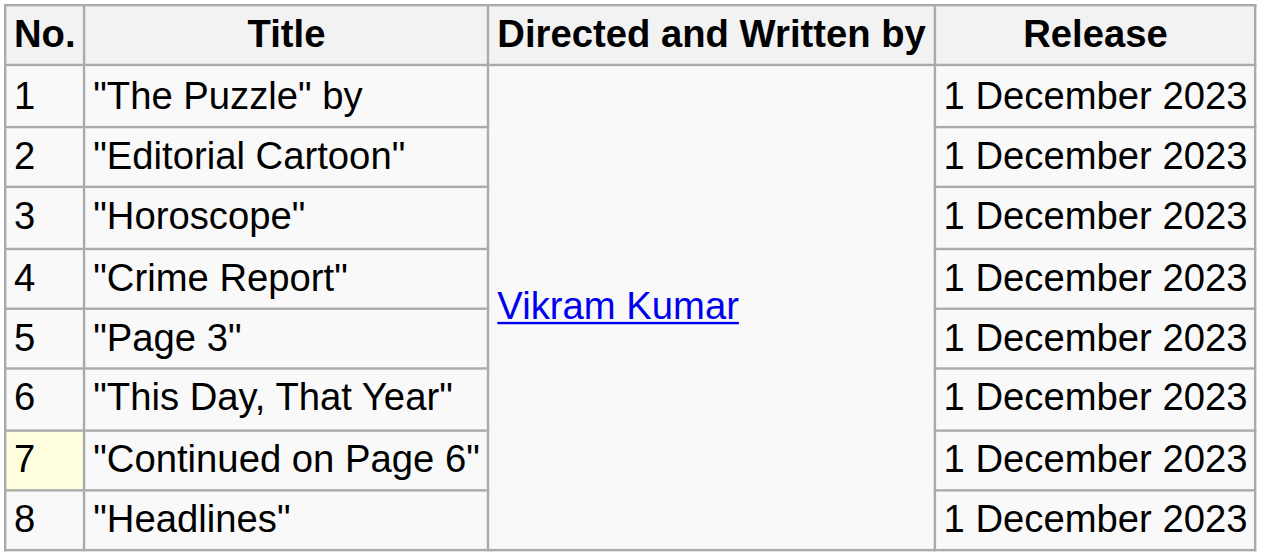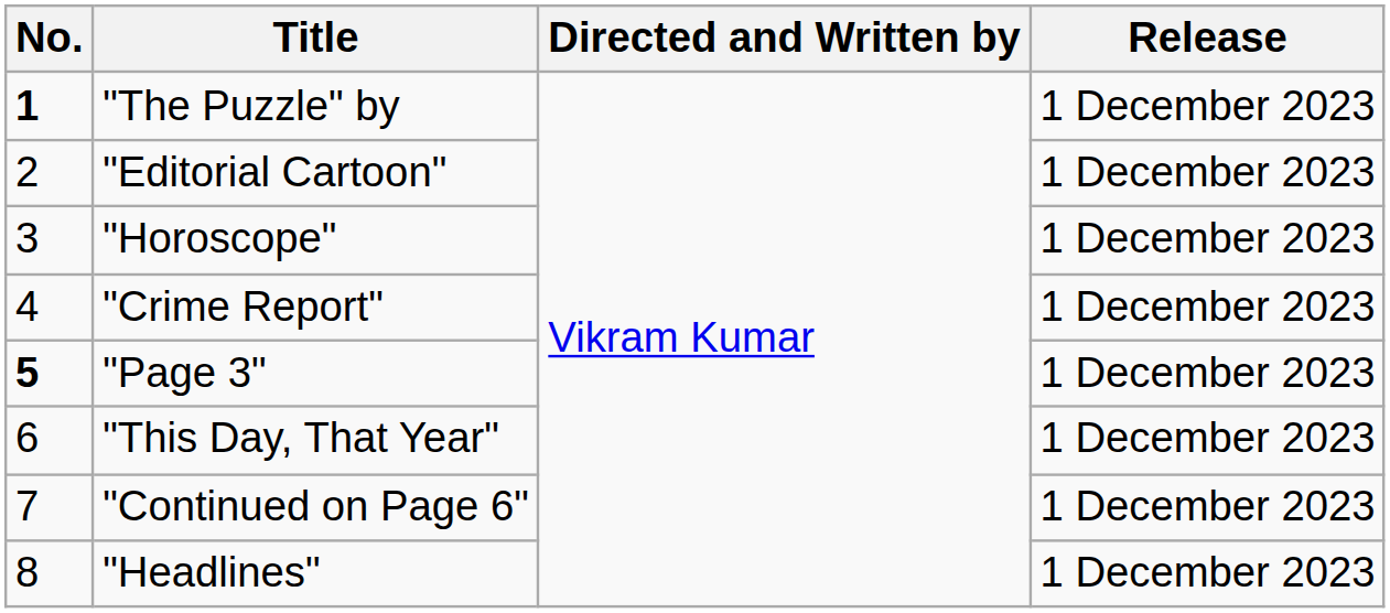 <table class="wikitable">
 <tr>
 <th>No.</th>
 <th>Title</th>
 <th>Directed and Written by</th>
 <th>Release</th>
 </tr>
 <tr>
-<td>1</td>
+<td><strong>1</strong></td>
 <td>"The Puzzle" by</td>
 <td rowspan="8"><a href='#'>Vikram Kumar</a></td>
 <td>1 December 2023</td>
 </tr>
 <tr>
 <td>2</td>
 <td>"Editorial Cartoon"</td>
 <td>1 December 2023</td>
 </tr>
 <tr>
 <td>3</td>
 <td>"Horoscope"</td>
 <td>1 December 2023</td>
 </tr>
 <tr>
 <td>4</td>
 <td>"Crime Report"</td>
 <td>1 December 2023</td>
 </tr>
 <tr>
-<td>5</td>
+<td><strong>5</strong></td>
 <td>"Page 3"</td>
 <td>1 December 2023</td>
 </tr>
 <tr>
 <td>6</td>
 <td>"This Day, That Year"</td>
 <td>1 December 2023</td>
 </tr>
 <tr>
-<td style="background: lightyellow;">7</td>
+<td>7</td>
 <td>"Continued on Page 6"</td>
 <td>1 December 2023</td>
 </tr>
 <tr>
 <td>8</td>
 <td>"Headlines"</td>
 <td>1 December 2023</td>
 </tr>
 </table>
